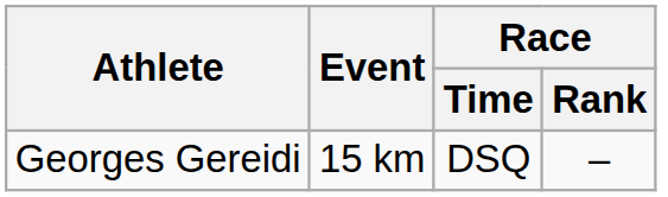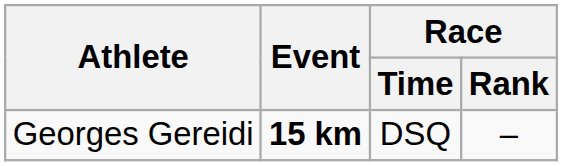 <table class="wikitable" border="1" style="font-size:90%">
 <tr>
 <th rowspan=2>Athlete</th>
 <th rowspan=2>Event</th>
 <th colspan=2>Race</th>
 </tr>
 <tr>
 <th>Time</th>
 <th>Rank</th>
 </tr>
 <tr>
 <td>Georges Gereidi</td>
-<td>15 km</td>
+<td><strong>15 km</strong></td>
 <td align=center>DSQ</td>
 <td align=center>–</td>
 </tr>
 </table>
